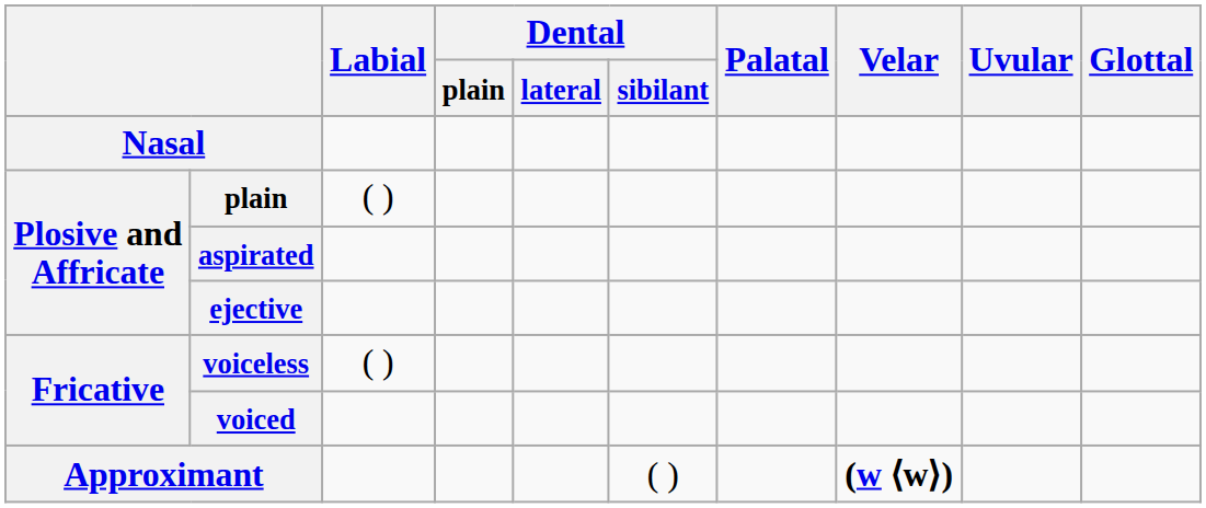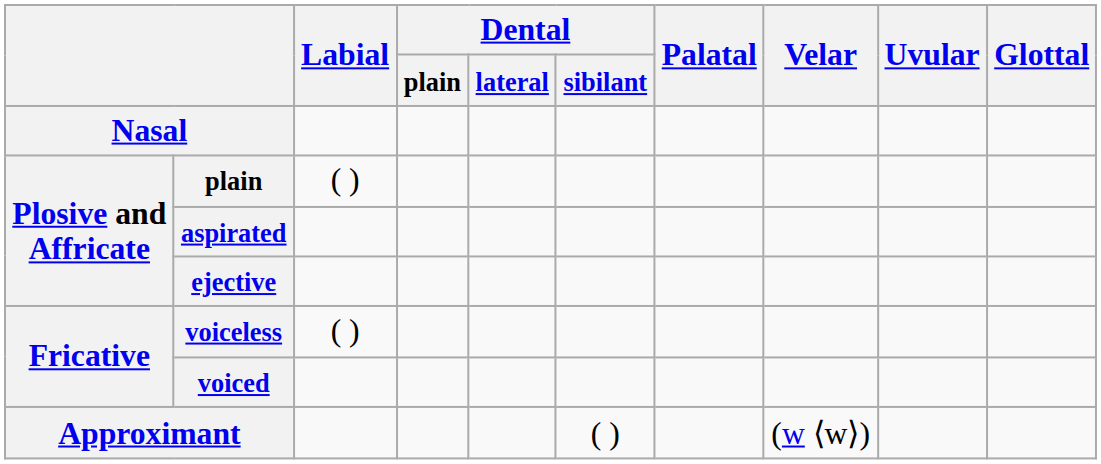 <table class="wikitable" style="text-align: center">
 <tr>
 <th colspan="2" rowspan="2"></th>
 <th rowspan="2"><a href='#'>Labial</a></th>
 <th colspan="3"><a href='#'>Dental</a></th>
 <th rowspan="2"><a href='#'>Palatal</a></th>
 <th rowspan="2"><a href='#'>Velar</a></th>
 <th rowspan="2"><a href='#'>Uvular</a></th>
 <th rowspan="2"><a href='#'>Glottal</a></th>
 </tr>
 <tr>
 <th><small>plain</small></th>
 <th><small><a href='#'>lateral</a></small></th>
 <th><small><a href='#'>sibilant</a></small></th>
 </tr>
 <tr>
 <th colspan="2"><a href='#'>Nasal</a></th>
 <td> </td>
 <td> </td>
 <td></td>
 <td></td>
 <td></td>
 <td></td>
 <td></td>
 <td></td>
 </tr>
 <tr>
 <th rowspan="3"><a href='#'>Plosive</a> and<br><a href='#'>Affricate</a></th>
 <th><small>plain</small></th>
 <td>( )</td>
 <td> </td>
 <td> </td>
 <td> </td>
 <td> </td>
 <td> </td>
 <td> </td>
 <td> </td>
 </tr>
 <tr>
 <th><small><a href='#'>aspirated</a></small></th>
 <td></td>
 <td> </td>
 <td> </td>
 <td> </td>
 <td> </td>
 <td> </td>
 <td> </td>
 <td></td>
 </tr>
 <tr>
 <th><small><a href='#'>ejective</a></small></th>
 <td></td>
 <td> </td>
 <td> </td>
 <td> </td>
 <td> </td>
 <td> </td>
 <td> </td>
 <td></td>
 </tr>
 <tr>
 <th rowspan="2"><a href='#'>Fricative</a></th>
 <th><small><a href='#'>voiceless</a></small></th>
 <td>( )</td>
 <td></td>
 <td> </td>
 <td> </td>
 <td> </td>
 <td> </td>
 <td> </td>
 <td> </td>
 </tr>
 <tr>
 <th><small><a href='#'>voiced</a></small></th>
 <td> </td>
 <td></td>
 <td></td>
 <td> </td>
 <td> </td>
 <td> </td>
 <td> </td>
 <td></td>
 </tr>
 <tr>
 <th colspan="2"><a href='#'>Approximant</a></th>
 <td></td>
 <td></td>
 <td> </td>
 <td>( )</td>
 <td> </td>
-<td><strong>(<a href='#'>w</a> ⟨w⟩)</strong></td>
+<td>(<a href='#'>w</a> ⟨w⟩)</td>
 <td></td>
 <td></td>
 </tr>
 </table>
